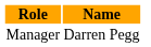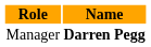 <table class="toccolours">
 <tr>
 <th style="background:orange;">Role</th>
 <th style="background:orange;">Name</th>
 </tr>
 <tr>
 <td>Manager</td>
-<td> Darren Pegg</td>
+<td><strong> Darren Pegg</strong></td>
 </tr>
 </table>
